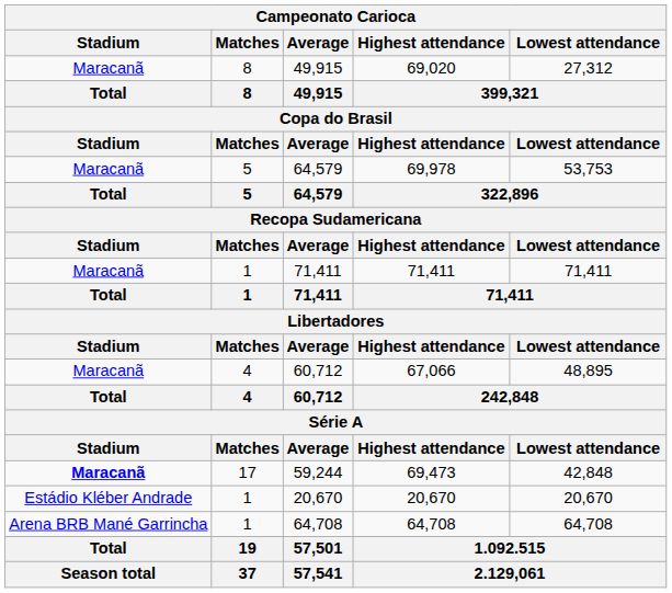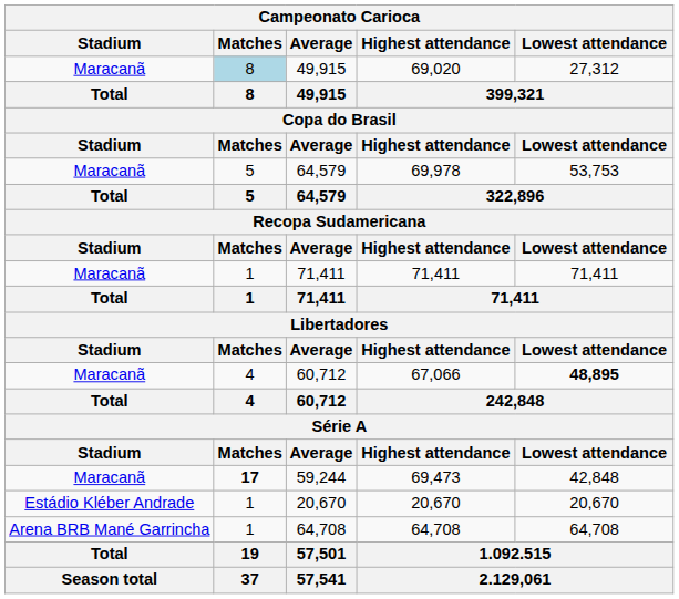 <table class="wikitable plainrowheaders sortable" style="text-align:center">
 <tr>
 <th align=center colspan="5">Campeonato Carioca</th>
 </tr>
 <tr>
 <th scope="col" ! style="width:200px;">Stadium</th>
 <th scope="col" ! style="width:60px;">Matches</th>
 <th scope="col" ! style="width:60px;">Average</th>
 <th scope="col" ! style="width:150px;">Highest attendance</th>
 <th scope="col" ! style="width:150px;">Lowest attendance</th>
 </tr>
 <tr>
 <td><a href='#'>Maracanã</a></td>
-<td>8</td>
+<td style="background: lightblue;">8</td>
 <td>49,915</td>
 <td>69,020</td>
 <td>27,312</td>
 </tr>
 <tr>
 <th>Total</th>
 <th>8</th>
 <th>49,915</th>
 <th colspan="3">399,321</th>
 </tr>
 <tr>
 <th align=center colspan="5">Copa do Brasil</th>
 </tr>
 <tr>
 <th scope="col" ! style="width:200px;">Stadium</th>
 <th scope="col" ! style="width:60px;">Matches</th>
 <th scope="col" ! style="width:60px;">Average</th>
 <th scope="col" ! style="width:150px;">Highest attendance</th>
 <th scope="col" ! style="width:150px;">Lowest attendance</th>
 </tr>
 <tr>
 <td><a href='#'>Maracanã</a></td>
 <td>5</td>
 <td>64,579</td>
 <td>69,978</td>
 <td>53,753</td>
 </tr>
 <tr>
 <th>Total</th>
 <th>5</th>
 <th>64,579</th>
 <th colspan="3">322,896</th>
 </tr>
 <tr>
 <th align=center colspan="5">Recopa Sudamericana</th>
 </tr>
 <tr>
 <th scope="col" ! style="width:200px;">Stadium</th>
 <th scope="col" ! style="width:60px;">Matches</th>
 <th scope="col" ! style="width:60px;">Average</th>
 <th scope="col" ! style="width:150px;">Highest attendance</th>
 <th scope="col" ! style="width:150px;">Lowest attendance</th>
 </tr>
 <tr>
 <td><a href='#'>Maracanã</a></td>
 <td>1</td>
 <td>71,411</td>
 <td>71,411</td>
 <td>71,411</td>
 </tr>
 <tr>
 <th>Total</th>
 <th>1</th>
 <th>71,411</th>
 <th colspan="3">71,411</th>
 </tr>
 <tr>
 <th align=center colspan="5">Libertadores</th>
 </tr>
 <tr>
 <th scope="col" ! style="width:200px;">Stadium</th>
 <th scope="col" ! style="width:60px;">Matches</th>
 <th scope="col" ! style="width:60px;">Average</th>
 <th scope="col" ! style="width:150px;">Highest attendance</th>
 <th scope="col" ! style="width:150px;">Lowest attendance</th>
 </tr>
 <tr>
 <td><a href='#'>Maracanã</a></td>
 <td>4</td>
 <td>60,712</td>
 <td>67,066</td>
-<td>48,895</td>
+<td><strong>48,895</strong></td>
 </tr>
 <tr>
 <th>Total</th>
 <th>4</th>
 <th>60,712</th>
 <th colspan="3">242,848</th>
 </tr>
 <tr>
 <th align=center colspan="5">Série A</th>
 </tr>
 <tr>
 <th scope="col" ! style="width:200px;">Stadium</th>
 <th scope="col" ! style="width:60px;">Matches</th>
 <th scope="col" ! style="width:60px;">Average</th>
 <th scope="col" ! style="width:150px;">Highest attendance</th>
 <th scope="col" ! style="width:150px;">Lowest attendance</th>
 </tr>
 <tr>
-<td><strong><a href='#'>Maracanã</a></strong></td>
-<td>17</td>
+<td><a href='#'>Maracanã</a></td>
+<td><strong>17</strong></td>
 <td>59,244</td>
 <td>69,473</td>
 <td>42,848</td>
 </tr>
 <tr>
 <td><a href='#'>Estádio Kléber Andrade</a></td>
 <td>1</td>
 <td>20,670</td>
 <td>20,670</td>
 <td>20,670</td>
 </tr>
 <tr>
 <td><a href='#'>Arena BRB Mané Garrincha</a></td>
 <td>1</td>
 <td>64,708</td>
 <td>64,708</td>
 <td>64,708</td>
 </tr>
 <tr>
 <th>Total</th>
 <th>19</th>
 <th>57,501</th>
 <th colspan="3">1.092.515</th>
 </tr>
 <tr>
 <th>Season total</th>
 <th>37</th>
 <th>57,541</th>
 <th colspan="3">2.129,061</th>
 </tr>
 </table>
